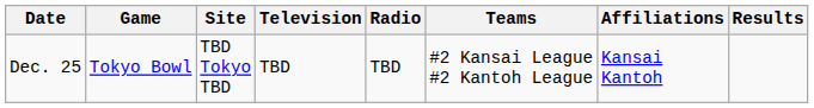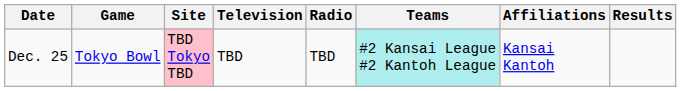 <table class="wikitable" style="font-size:90%;">
 <tr>
 <th>Date</th>
 <th>Game</th>
 <th>Site</th>
 <th>Television</th>
 <th>Radio</th>
 <th>Teams</th>
 <th>Affiliations</th>
 <th>Results</th>
 </tr>
 <tr>
 <td rowspan=3 style=white-space:nowrap>Dec. 25</td>
 <td><a href='#'>Tokyo Bowl</a></td>
-<td>TBD<br><a href='#'>Tokyo</a><br>TBD</td>
+<td style="background: pink;">TBD<br><a href='#'>Tokyo</a><br>TBD</td>
 <td rowspan=7>TBD</td>
 <td rowspan=7>TBD</td>
-<td>#2 Kansai League<br> #2 Kantoh League</td>
+<td style="background: paleturquoise;">#2 Kansai League<br> #2 Kantoh League</td>
 <td><a href='#'>Kansai</a><br><a href='#'>Kantoh</a></td>
 <td></td>
 </tr>
 </table>
